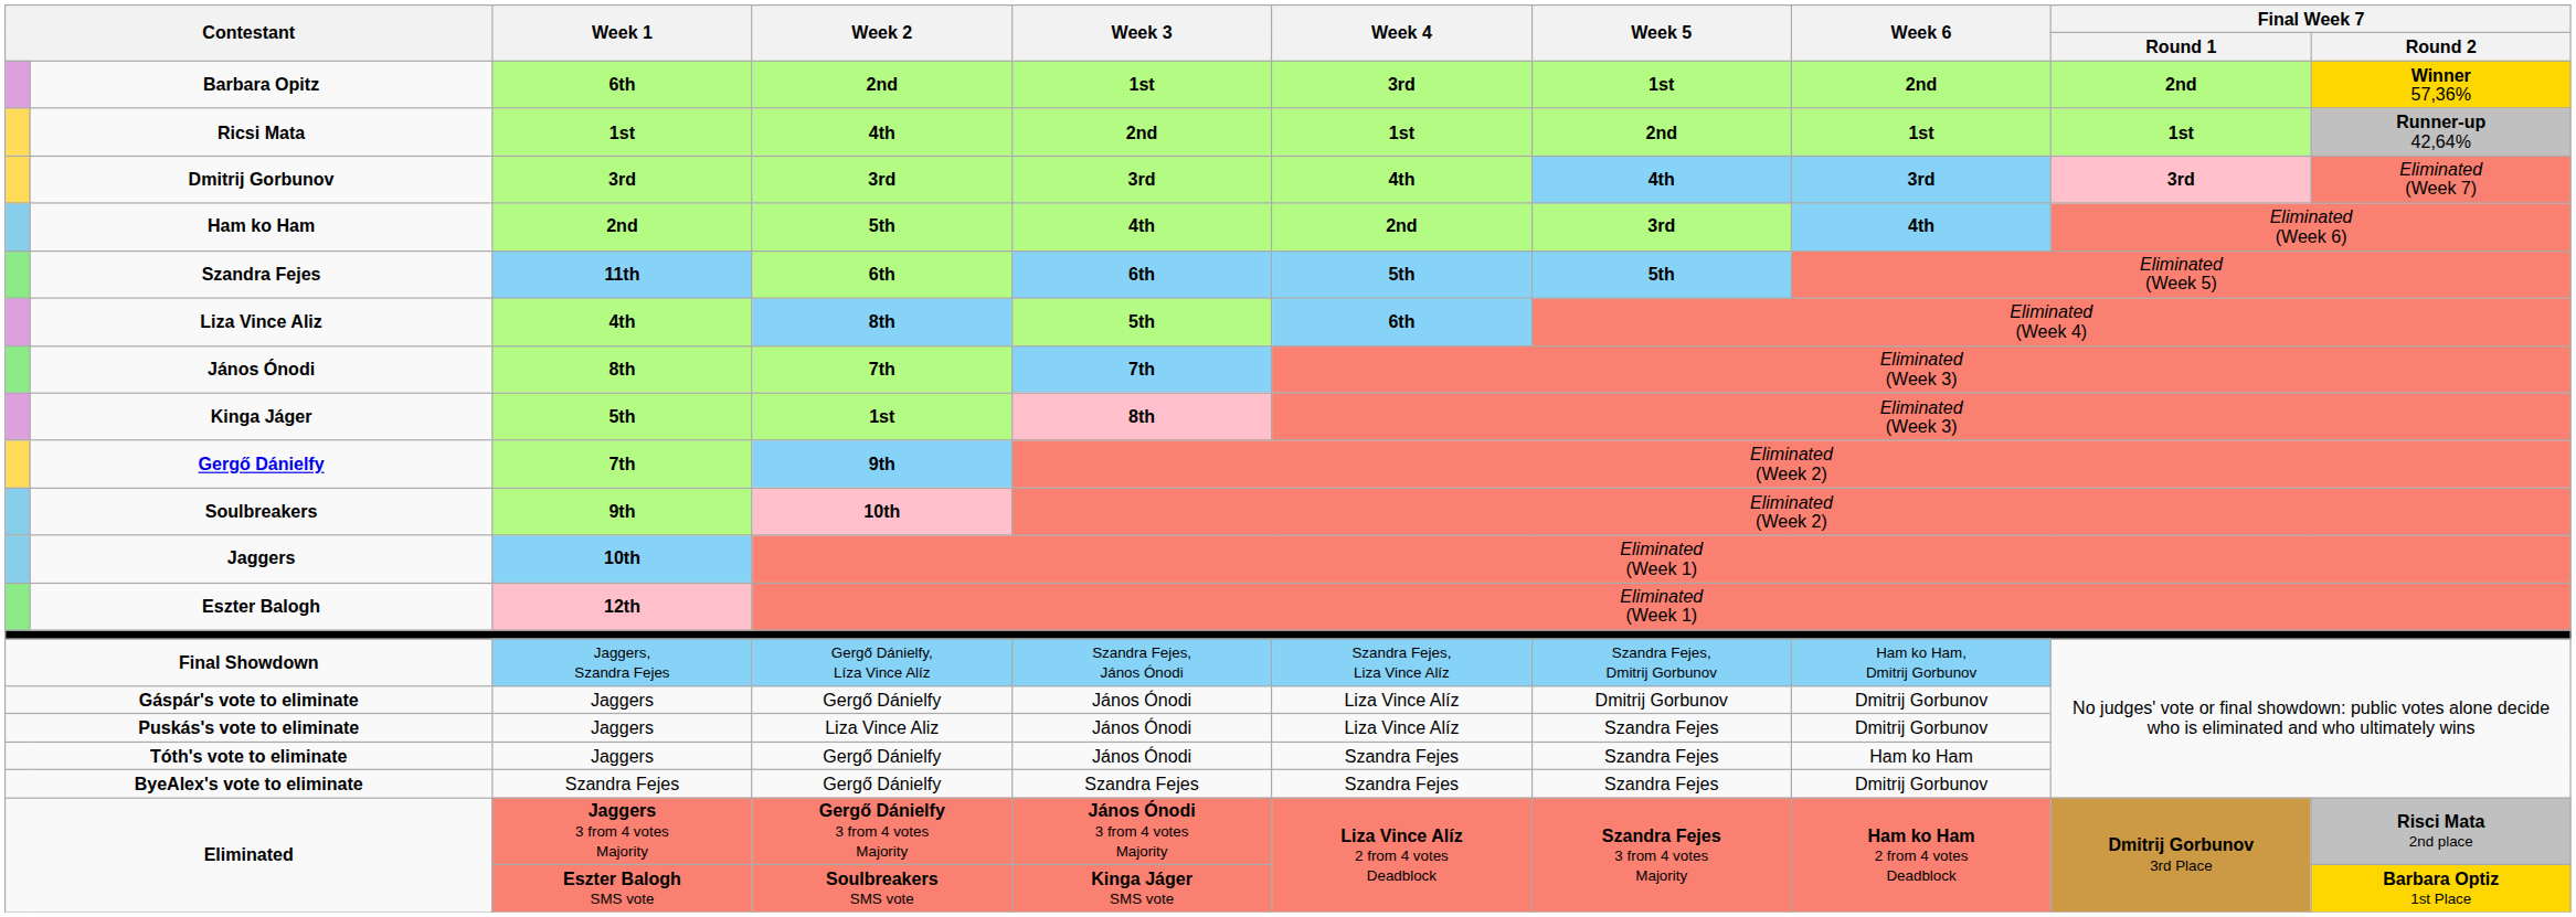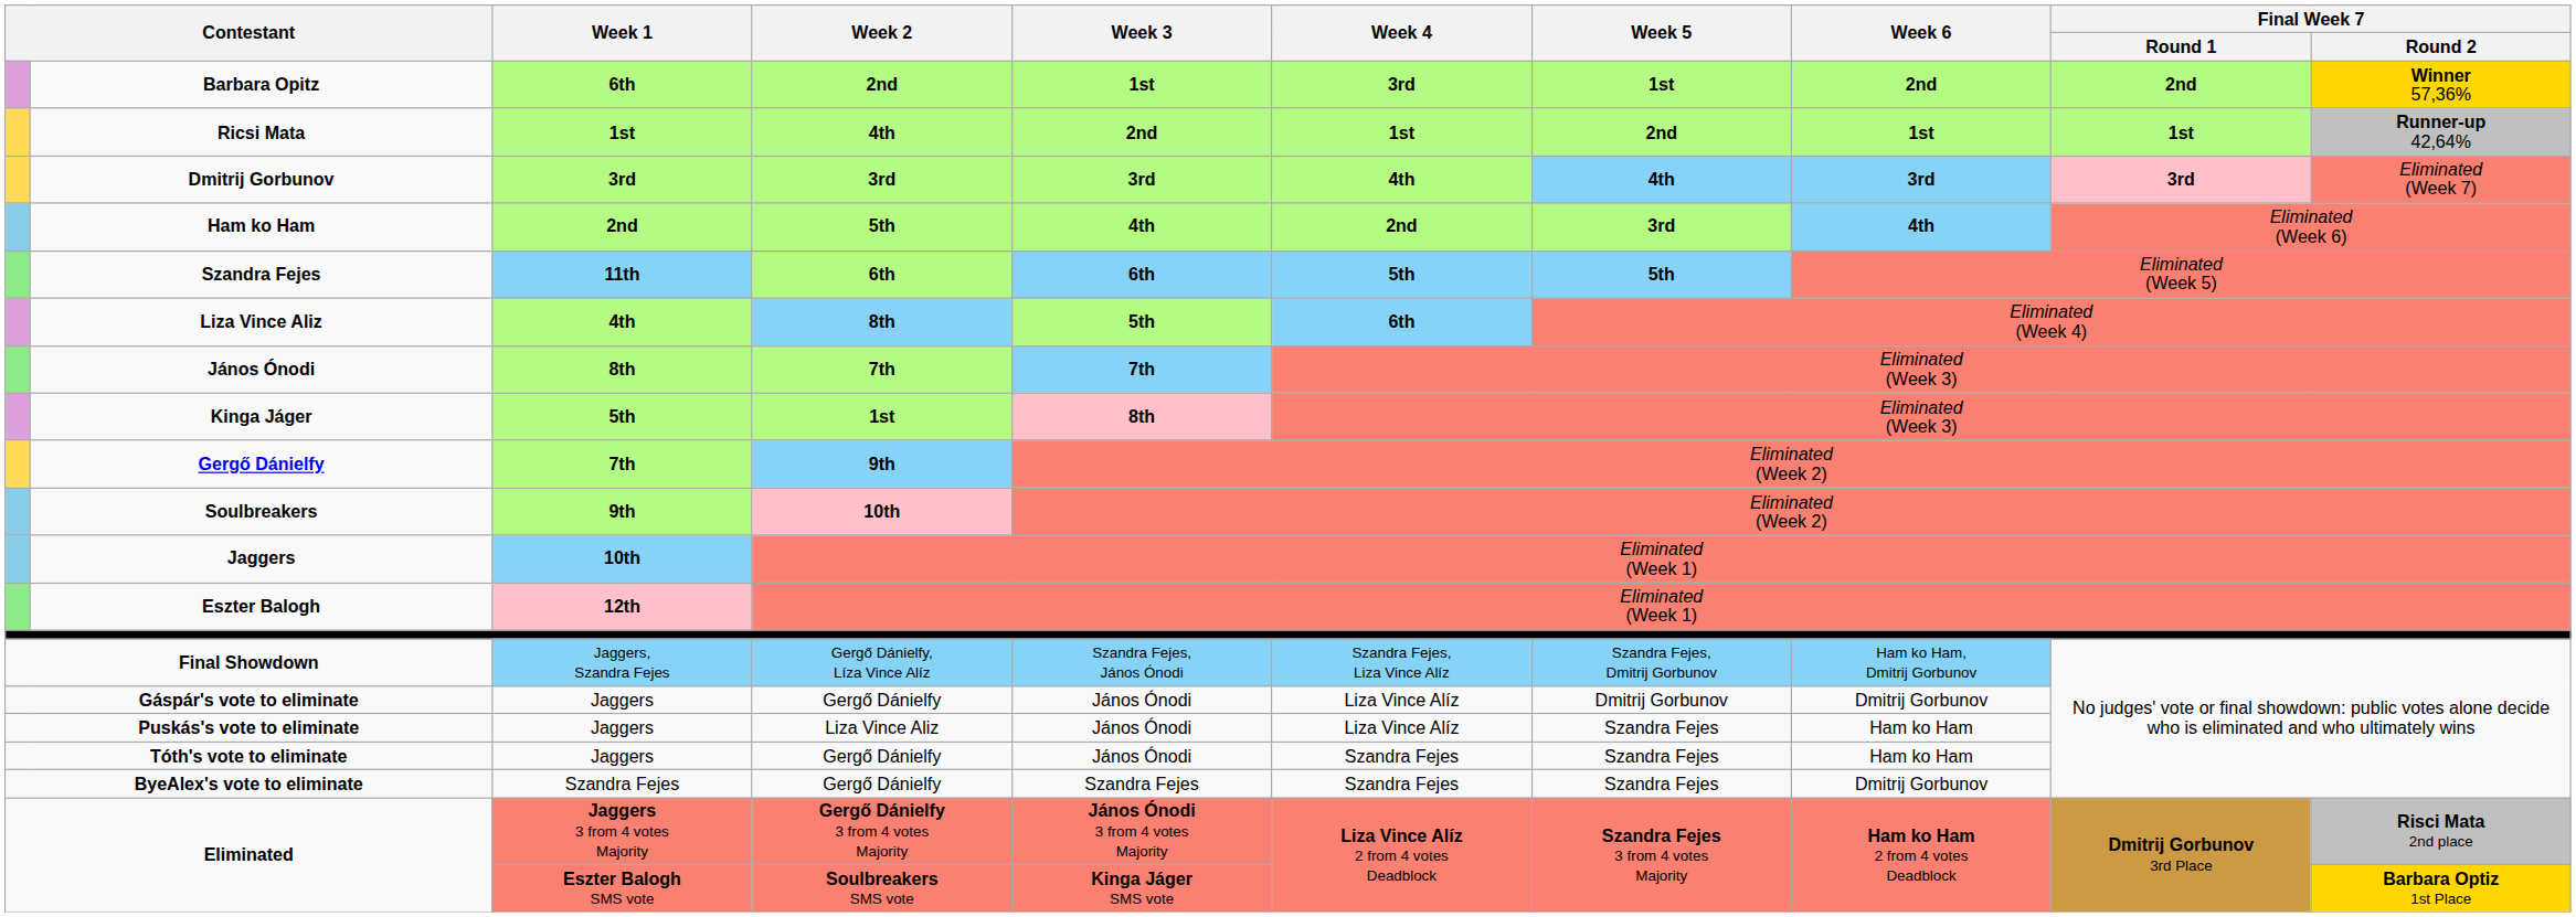 <table class="wikitable" style="text-align:center; font-size:85%">
 <tr>
 <th style="width:15%" rowspan=2 colspan=2>Contestant</th>
 <th style="width:8%" rowspan=2>Week 1</th>
 <th style="width:8%" rowspan=2>Week 2</th>
 <th style="width:8%" rowspan=2>Week 3</th>
 <th style="width:8%" rowspan=2>Week 4</th>
 <th style="width:8%" rowspan=2>Week 5</th>
 <th style="width:8%" rowspan=2>Week 6</th>
 <th colspan=2>Final Week 7</th>
 </tr>
 <tr>
 <th style="width:8%">Round 1</th>
 <th style="width:8%">Round 2</th>
 </tr>
 <tr>
 <td style="background:#dda0dd;"></td>
 <td><strong>Barbara Opitz</strong></td>
 <td style="background:#B4FB84"><strong>6th</strong></td>
 <td style="background:#B4FB84"><strong>2nd</strong></td>
 <td style="background:#B4FB84"><strong>1st</strong></td>
 <td style="background:#B4FB84"><strong>3rd</strong></td>
 <td style="background:#B4FB84"><strong>1st</strong></td>
 <td style="background:#B4FB84"><strong>2nd</strong></td>
 <td style="background:#B4FB84"><strong>2nd</strong></td>
 <td style="background:gold"><strong>Winner</strong><br>57,36%</td>
 </tr>
 <tr>
 <td style="background:#ffdb58;"></td>
 <td><strong>Ricsi Mata</strong></td>
 <td style="background:#B4FB84"><strong>1st</strong></td>
 <td style="background:#B4FB84"><strong>4th</strong></td>
 <td style="background:#B4FB84"><strong>2nd</strong></td>
 <td style="background:#B4FB84"><strong>1st</strong></td>
 <td style="background:#B4FB84"><strong>2nd</strong></td>
 <td style="background:#B4FB84"><strong>1st</strong></td>
 <td style="background:#B4FB84"><strong>1st</strong></td>
 <td style="background:silver"><strong>Runner-up</strong><br>42,64%</td>
 </tr>
 <tr>
 <td style="background:#ffdb58;"></td>
 <td><strong>Dmitrij Gorbunov</strong></td>
 <td style="background:#B4FB84"><strong>3rd</strong></td>
 <td style="background:#B4FB84"><strong>3rd</strong></td>
 <td style="background:#B4FB84"><strong>3rd</strong></td>
 <td style="background:#B4FB84"><strong>4th</strong></td>
 <td style="background:#87D3F8"><strong>4th</strong></td>
 <td style="background:#87D3F8"><strong>3rd</strong></td>
 <td style="background:pink"><strong>3rd</strong></td>
 <td style="background:salmon;" colspan="1"><em>Eliminated</em><br>(Week 7)</td>
 </tr>
 <tr>
 <td style="background:#87ceeb;"></td>
 <td><strong>Ham ko Ham</strong></td>
 <td style="background:#B4FB84"><strong>2nd</strong></td>
 <td style="background:#B4FB84"><strong>5th</strong></td>
 <td style="background:#B4FB84"><strong>4th</strong></td>
 <td style="background:#B4FB84"><strong>2nd</strong></td>
 <td style="background:#B4FB84"><strong>3rd</strong></td>
 <td style="background:#87D3F8"><strong>4th </strong></td>
 <td style="background:salmon;" colspan="2"><em>Eliminated</em><br>(Week 6)</td>
 </tr>
 <tr>
 <td style="background:#8ceb87"></td>
 <td><strong>Szandra Fejes</strong></td>
 <td style="background:#87D3F8"><strong>11th</strong></td>
 <td style="background:#B4FB84"><strong>6th</strong></td>
 <td style="background:#87D3F8"><strong>6th</strong></td>
 <td style="background:#87D3F8"><strong>5th</strong></td>
 <td style="background:#87D3F8"><strong>5th</strong></td>
 <td style="background:salmon;" colspan="3"><em>Eliminated</em><br>(Week 5)</td>
 </tr>
 <tr>
 <td style="background:#dda0dd;"></td>
 <td><strong>Liza Vince Aliz</strong></td>
 <td style="background:#B4FB84"><strong>4th</strong></td>
 <td style="background:#87D3F8"><strong>8th</strong></td>
 <td style="background:#B4FB84"><strong>5th</strong></td>
 <td style="background:#87D3F8"><strong>6th</strong></td>
 <td style="background:salmon;" colspan="4"><em>Eliminated</em><br>(Week 4)</td>
 </tr>
 <tr>
 <td style="background:#8ceb87;"></td>
 <td><strong>János Ónodi</strong></td>
 <td style="background:#B4FB84"><strong>8th</strong></td>
 <td style="background:#B4FB84"><strong>7th</strong></td>
 <td style="background:#87D3F8"><strong>7th</strong></td>
 <td style="background:salmon;" colspan="5"><em>Eliminated</em><br>(Week 3)</td>
 </tr>
 <tr>
 <td style="background:#dda0dd;"></td>
 <td><strong>Kinga Jáger</strong></td>
 <td style="background:#B4FB84"><strong>5th</strong></td>
 <td style="background:#B4FB84"><strong>1st</strong></td>
 <td style="background:pink"><strong>8th</strong></td>
 <td style="background:salmon;" colspan="5"><em>Eliminated</em><br>(Week 3)</td>
 </tr>
 <tr>
 <td style="background:#ffdb58;"></td>
 <td><strong><a href='#'>Gergő Dánielfy</a></strong></td>
 <td style="background:#B4FB84"><strong>7th</strong></td>
 <td style="background:#87D3F8"><strong>9th</strong></td>
 <td style="background:salmon;" colspan="6"><em>Eliminated</em><br>(Week 2)</td>
 </tr>
 <tr>
 <td style="background:#87ceeb;"></td>
 <td><strong>Soulbreakers</strong></td>
 <td style="background:#B4FB84"><strong>9th</strong></td>
 <td style="background:pink"><strong>10th</strong></td>
 <td style="background:salmon;" colspan="6"><em>Eliminated</em><br>(Week 2)</td>
 </tr>
 <tr>
 <td style="background:#87ceeb;"></td>
 <td><strong>Jaggers</strong></td>
 <td style="background:#87D3F8"><strong>10th</strong></td>
 <td style="background:salmon;" colspan="7"><em>Eliminated</em><br>(Week 1)</td>
 </tr>
 <tr>
 <td style="background:#8ceb87;"></td>
 <td><strong>Eszter Balogh</strong></td>
 <td style="background:pink"><strong>12th</strong></td>
 <td style="background:salmon;" colspan="7"><em>Eliminated</em><br>(Week 1)</td>
 </tr>
 <tr>
 <td style="background:#000;" colspan="13"></td>
 </tr>
 <tr>
 <td colspan=2><strong>Final Showdown</strong></td>
 <td style="background:#87D3F8"><small>Jaggers,<br>Szandra Fejes</small></td>
 <td style="background:#87D3F8"><small>Gergő Dánielfy,<br>Líza Vince Alíz</small></td>
 <td style="background:#87D3F8"><small>Szandra Fejes,<br>János Ónodi</small></td>
 <td style="background:#87D3F8"><small>Szandra Fejes,<br>Liza Vince Alíz</small></td>
 <td style="background:#87D3F8"><small>Szandra Fejes,<br>Dmitrij Gorbunov</small></td>
 <td style="background:#87D3F8"><small>Ham ko Ham,<br>Dmitrij Gorbunov</small></td>
 <td rowspan=5 colspan=2>No judges' vote or final showdown: public votes alone decide who is eliminated and who ultimately wins</td>
 </tr>
 <tr>
 <td colspan="2"><strong>Gáspár's vote to eliminate</strong></td>
 <td>Jaggers</td>
 <td>Gergő Dánielfy</td>
 <td>János Ónodi</td>
 <td>Liza Vince Alíz</td>
 <td>Dmitrij Gorbunov</td>
 <td>Dmitrij Gorbunov</td>
 </tr>
 <tr>
 <td colspan="2"><strong>Puskás's vote to eliminate</strong></td>
 <td>Jaggers</td>
 <td>Liza Vince Aliz</td>
 <td>János Ónodi</td>
 <td>Liza Vince Alíz</td>
 <td>Szandra Fejes</td>
-<td>Dmitrij Gorbunov</td>
+<td>Ham ko Ham</td>
 </tr>
 <tr>
 <td colspan="2"><strong>Tóth's vote to eliminate</strong></td>
 <td>Jaggers</td>
 <td>Gergő Dánielfy</td>
 <td>János Ónodi</td>
 <td>Szandra Fejes</td>
 <td>Szandra Fejes</td>
 <td>Ham ko Ham</td>
 </tr>
 <tr>
 <td colspan="2"><strong>ByeAlex's vote to eliminate</strong></td>
 <td>Szandra Fejes</td>
 <td>Gergő Dánielfy</td>
 <td>Szandra Fejes</td>
 <td>Szandra Fejes</td>
 <td>Szandra Fejes</td>
 <td>Dmitrij Gorbunov</td>
 </tr>
 <tr>
 <td rowspan=2 colspan=2><strong>Eliminated</strong></td>
 <td style="background:salmon;"><strong>Jaggers</strong><br><small> 3 from 4 votes </small><br><small>Majority</small></td>
 <td style="background:salmon;"><strong>Gergő Dánielfy</strong><br><small> 3 from 4 votes </small><br><small>Majority</small></td>
 <td style="background:salmon;"><strong>János Ónodi </strong><br><small> 3 from 4 votes </small><br><small>Majority</small></td>
 <td style="background:salmon;" rowspan="2"><strong>Liza Vince Alíz</strong><br><small> 2 from 4 votes </small><br><small>Deadblock</small></td>
 <td style="background:salmon;" rowspan="2"><strong>Szandra Fejes</strong><br><small> 3 from 4 votes </small><br><small>Majority</small></td>
 <td style="background:salmon;" rowspan="2"><strong>Ham ko Ham</strong><br><small> 2 from 4 votes </small><br><small>Deadblock</small></td>
 <td style="background:#c94;" rowspan="2"><strong>Dmitrij Gorbunov</strong><br><small>3rd Place</small></td>
 <td style="background:silver;"><strong>Risci Mata</strong><br><small>2nd place</small></td>
 </tr>
 <tr>
 <td style="background:salmon;" rowspan="2"><strong>Eszter Balogh</strong><br><small> SMS vote </small></td>
 <td style="background:salmon;" rowspan="2"><strong>Soulbreakers</strong><br><small> SMS vote </small></td>
 <td style="background:salmon;" rowspan="2"><strong>Kinga Jáger</strong><br><small> SMS vote </small></td>
 <td style="background:gold; width:5%;"><strong>Barbara Optiz</strong><br><small>1st Place</small></td>
 </tr>
 </table>
